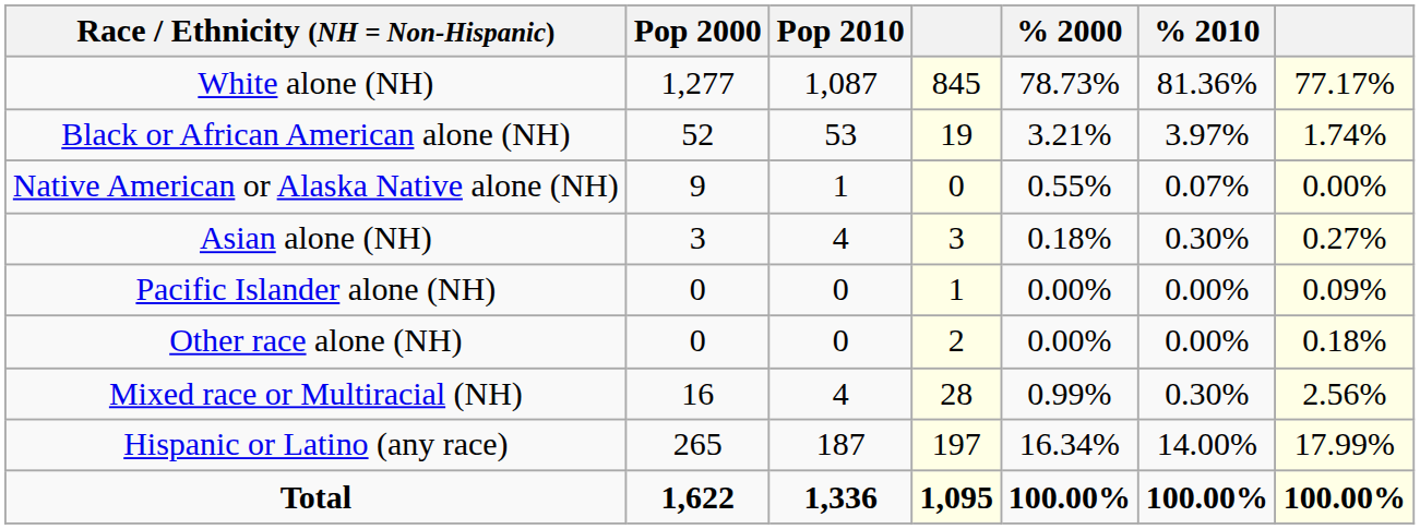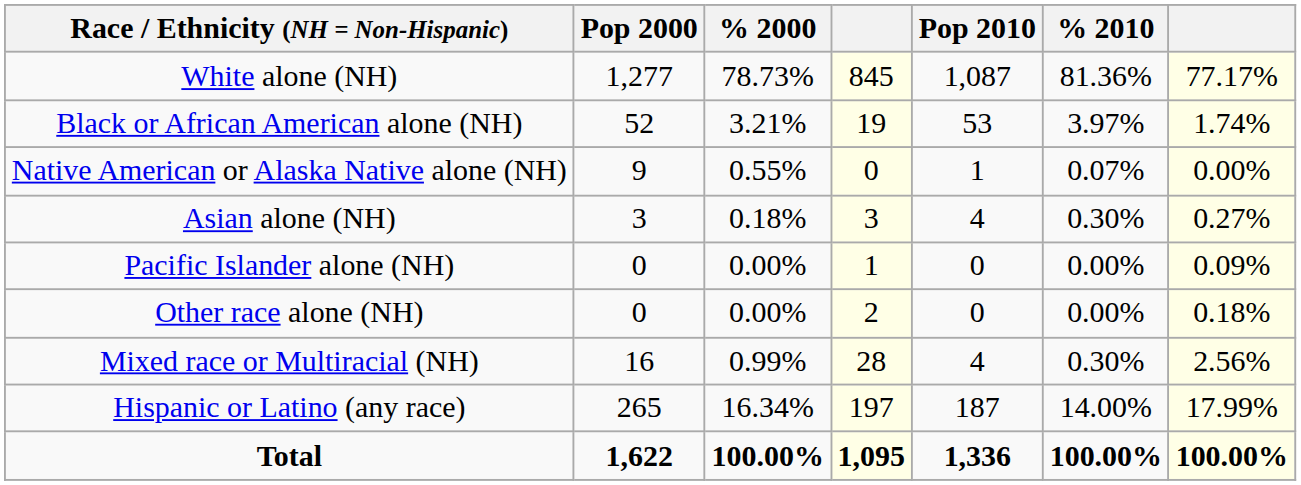 <table class="wikitable" style="text-align:center;">
 <tr>
 <th>Race / Ethnicity <small>(<em>NH = Non-Hispanic</em>)</small></th>
 <th>Pop 2000</th>
+<th>% 2000</th>
+<th></th>
 <th>Pop 2010</th>
-<th></th>
-<th>% 2000</th>
 <th>% 2010</th>
 <th></th>
 </tr>
 <tr>
 <td><a href='#'>White</a> alone (NH)</td>
 <td>1,277</td>
+<td>78.73%</td>
+<td style='background: #ffffe6;'>845</td>
 <td>1,087</td>
-<td style='background: #ffffe6;'>845</td>
-<td>78.73%</td>
 <td>81.36%</td>
 <td style='background: #ffffe6;'>77.17%</td>
 </tr>
 <tr>
 <td><a href='#'>Black or African American</a> alone (NH)</td>
 <td>52</td>
+<td>3.21%</td>
+<td style='background: #ffffe6;'>19</td>
 <td>53</td>
-<td style='background: #ffffe6;'>19</td>
-<td>3.21%</td>
 <td>3.97%</td>
 <td style='background: #ffffe6;'>1.74%</td>
 </tr>
 <tr>
 <td><a href='#'>Native American</a> or <a href='#'>Alaska Native</a> alone (NH)</td>
 <td>9</td>
+<td>0.55%</td>
+<td style='background: #ffffe6;'>0</td>
 <td>1</td>
-<td style='background: #ffffe6;'>0</td>
-<td>0.55%</td>
 <td>0.07%</td>
 <td style='background: #ffffe6;'>0.00%</td>
 </tr>
 <tr>
 <td><a href='#'>Asian</a> alone (NH)</td>
 <td>3</td>
+<td>0.18%</td>
+<td style='background: #ffffe6;'>3</td>
 <td>4</td>
-<td style='background: #ffffe6;'>3</td>
-<td>0.18%</td>
 <td>0.30%</td>
 <td style='background: #ffffe6;'>0.27%</td>
 </tr>
 <tr>
 <td><a href='#'>Pacific Islander</a> alone (NH)</td>
 <td>0</td>
+<td>0.00%</td>
+<td style='background: #ffffe6;'>1</td>
 <td>0</td>
-<td style='background: #ffffe6;'>1</td>
-<td>0.00%</td>
 <td>0.00%</td>
 <td style='background: #ffffe6;'>0.09%</td>
 </tr>
 <tr>
 <td><a href='#'>Other race</a> alone (NH)</td>
 <td>0</td>
+<td>0.00%</td>
+<td style='background: #ffffe6;'>2</td>
 <td>0</td>
-<td style='background: #ffffe6;'>2</td>
-<td>0.00%</td>
 <td>0.00%</td>
 <td style='background: #ffffe6;'>0.18%</td>
 </tr>
 <tr>
 <td><a href='#'>Mixed race or Multiracial</a> (NH)</td>
 <td>16</td>
+<td>0.99%</td>
+<td style='background: #ffffe6;'>28</td>
 <td>4</td>
-<td style='background: #ffffe6;'>28</td>
-<td>0.99%</td>
 <td>0.30%</td>
 <td style='background: #ffffe6;'>2.56%</td>
 </tr>
 <tr>
 <td><a href='#'>Hispanic or Latino</a> (any race)</td>
 <td>265</td>
+<td>16.34%</td>
+<td style='background: #ffffe6;'>197</td>
 <td>187</td>
-<td style='background: #ffffe6;'>197</td>
-<td>16.34%</td>
 <td>14.00%</td>
 <td style='background: #ffffe6;'>17.99%</td>
 </tr>
 <tr>
 <td><strong>Total</strong></td>
 <td><strong>1,622</strong></td>
+<td><strong>100.00%</strong></td>
+<td style='background: #ffffe6;'><strong>1,095</strong></td>
 <td><strong>1,336</strong></td>
-<td style='background: #ffffe6;'><strong>1,095</strong></td>
-<td><strong>100.00%</strong></td>
 <td><strong>100.00%</strong></td>
 <td style='background: #ffffe6;'><strong>100.00%</strong></td>
 </tr>
 </table>
